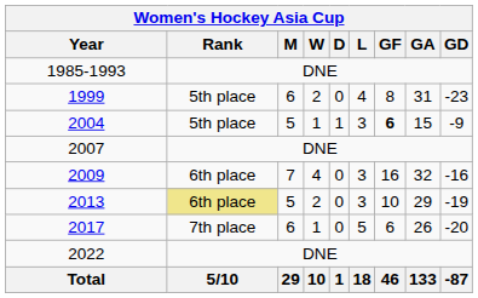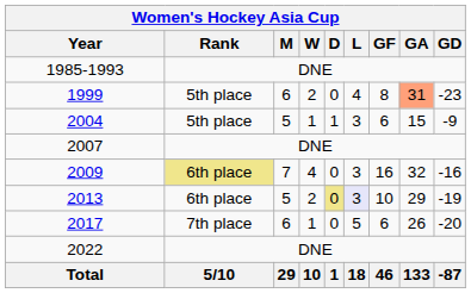 <table class="wikitable" style="text-align: center;font-size:100%;">
 <tr>
 <th colspan=9><a href='#'>Women's Hockey Asia Cup</a></th>
 </tr>
 <tr>
 <th width=150>Year</th>
 <th width=100>Rank</th>
 <th>M</th>
 <th>W</th>
 <th>D</th>
 <th>L</th>
 <th>GF</th>
 <th>GA</th>
 <th>GD</th>
 </tr>
 <tr>
 <td>1985-1993</td>
 <td colspan=8>DNE</td>
 </tr>
 <tr>
 <td> <a href='#'>1999</a></td>
 <td>5th place</td>
 <td>6</td>
 <td>2</td>
 <td>0</td>
 <td>4</td>
 <td>8</td>
-<td>31</td>
+<td style="background: lightsalmon;">31</td>
 <td>-23</td>
 </tr>
 <tr>
 <td> <a href='#'>2004</a></td>
 <td>5th place</td>
 <td>5</td>
 <td>1</td>
 <td>1</td>
 <td>3</td>
-<td><strong>6</strong></td>
+<td>6</td>
 <td>15</td>
 <td>-9</td>
 </tr>
 <tr>
 <td>2007</td>
 <td colspan=8>DNE</td>
 </tr>
 <tr>
 <td> <a href='#'>2009</a></td>
-<td>6th place</td>
+<td style="background: khaki;">6th place</td>
 <td>7</td>
 <td>4</td>
 <td>0</td>
 <td>3</td>
 <td>16</td>
 <td>32</td>
 <td>-16</td>
 </tr>
 <tr>
 <td> <a href='#'>2013</a></td>
-<td style="background: khaki;">6th place</td>
+<td>6th place</td>
 <td>5</td>
 <td>2</td>
-<td>0</td>
-<td>3</td>
+<td style="background: khaki;">0</td>
+<td style="background: lavender;">3</td>
 <td>10</td>
 <td>29</td>
 <td>-19</td>
 </tr>
 <tr>
 <td> <a href='#'>2017</a></td>
 <td>7th place</td>
 <td>6</td>
 <td>1</td>
 <td>0</td>
 <td>5</td>
 <td>6</td>
 <td>26</td>
 <td>-20</td>
 </tr>
 <tr>
 <td>2022</td>
 <td colspan=8>DNE</td>
 </tr>
 <tr>
 <th><strong>Total</strong></th>
 <th>5/10</th>
 <th>29</th>
 <th>10</th>
 <th>1</th>
 <th>18</th>
 <th>46</th>
 <th>133</th>
 <th>-87</th>
 </tr>
 </table>
